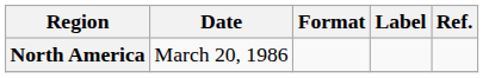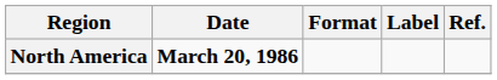 <table class="wikitable plainrowheaders">
 <tr>
 <th scope="col">Region</th>
 <th scope="col">Date</th>
 <th scope="col">Format</th>
 <th scope="col">Label</th>
 <th scope="col">Ref.</th>
 </tr>
 <tr>
 <th scope="row">North America</th>
-<td>March 20, 1986</td>
+<td><strong>March 20, 1986</strong></td>
 <td></td>
 <td></td>
 <td></td>
 </tr>
 <tr>
 </tr>
 </table>
